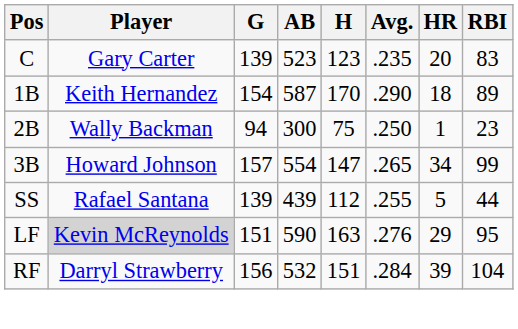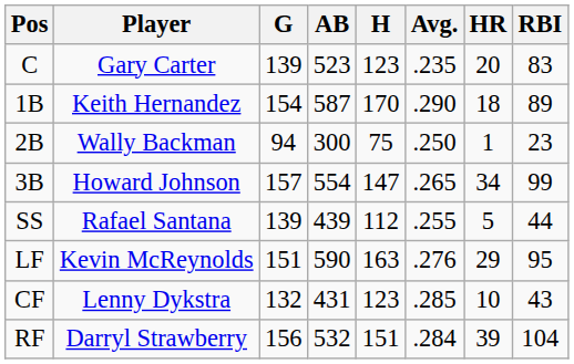 <table class="wikitable sortable">
 <tr>
 <th>Pos</th>
 <th>Player</th>
 <th>G</th>
 <th>AB</th>
 <th>H</th>
 <th>Avg.</th>
 <th>HR</th>
 <th>RBI</th>
 </tr>
 <tr align="center">
 <td>C</td>
 <td><a href='#'>Gary Carter</a></td>
 <td>139</td>
 <td>523</td>
 <td>123</td>
 <td>.235</td>
 <td>20</td>
 <td>83</td>
 </tr>
 <tr align="center">
 <td>1B</td>
 <td><a href='#'>Keith Hernandez</a></td>
 <td>154</td>
 <td>587</td>
 <td>170</td>
 <td>.290</td>
 <td>18</td>
 <td>89</td>
 </tr>
 <tr align="center">
 <td>2B</td>
 <td><a href='#'>Wally Backman</a></td>
 <td>94</td>
 <td>300</td>
 <td>75</td>
 <td>.250</td>
 <td>1</td>
 <td>23</td>
 </tr>
 <tr align="center">
 <td>3B</td>
 <td><a href='#'>Howard Johnson</a></td>
 <td>157</td>
 <td>554</td>
 <td>147</td>
 <td>.265</td>
 <td>34</td>
 <td>99</td>
 </tr>
 <tr align="center">
 <td>SS</td>
 <td><a href='#'>Rafael Santana</a></td>
 <td>139</td>
 <td>439</td>
 <td>112</td>
 <td>.255</td>
 <td>5</td>
 <td>44</td>
 </tr>
 <tr align="center">
 <td>LF</td>
-<td style="background: lightgrey;"><a href='#'>Kevin McReynolds</a></td>
+<td><a href='#'>Kevin McReynolds</a></td>
 <td>151</td>
 <td>590</td>
 <td>163</td>
 <td>.276</td>
 <td>29</td>
 <td>95</td>
+</tr>
+<tr align="center">
+<td>CF</td>
+<td><a href='#'>Lenny Dykstra</a></td>
+<td>132</td>
+<td>431</td>
+<td>123</td>
+<td>.285</td>
+<td>10</td>
+<td>43</td>
 </tr>
 <tr align="center">
 <td>RF</td>
 <td><a href='#'>Darryl Strawberry</a></td>
 <td>156</td>
 <td>532</td>
 <td>151</td>
 <td>.284</td>
 <td>39</td>
 <td>104</td>
 </tr>
 </table>
